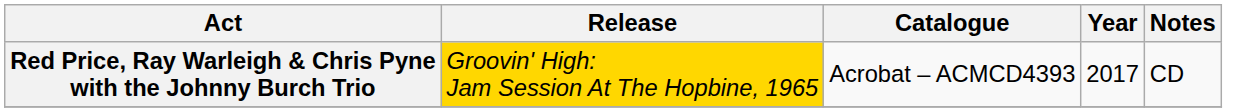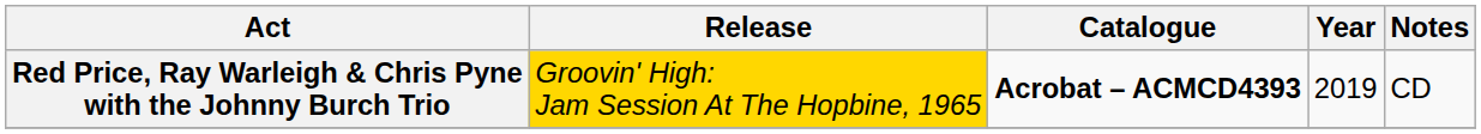 <table class="wikitable plainrowheaders sortable">
 <tr>
 <th scope="col" class="unsortable">Act</th>
 <th scope="col">Release</th>
 <th scope="col">Catalogue</th>
 <th scope="col">Year</th>
 <th scope="col" class="unsortable">Notes</th>
 </tr>
 <tr>
 <th scope="row">Red Price, Ray Warleigh & Chris Pyne<br> with the Johnny Burch Trio</th>
 <td style="background: gold;"><em>Groovin' High:<br> Jam Session At The Hopbine, 1965</em></td>
-<td>Acrobat – ACMCD4393</td>
-<td>2017</td>
+<td><strong>Acrobat – ACMCD4393</strong></td>
+<td>2019</td>
 <td>CD</td>
 </tr>
 <tr>
 </tr>
 </table>
